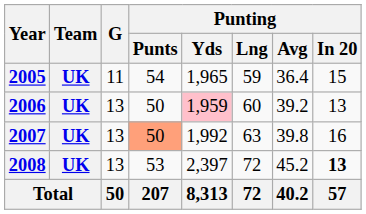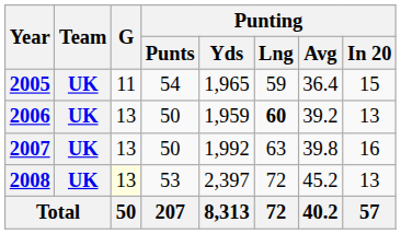 <table class="wikitable" style="text-align: center;">
 <tr>
 <th rowspan="2">Year</th>
 <th rowspan="2">Team</th>
 <th rowspan="2">G</th>
 <th colspan="11">Punting</th>
 </tr>
 <tr>
 <th>Punts</th>
 <th>Yds</th>
 <th>Lng</th>
 <th>Avg</th>
 <th>In 20</th>
 </tr>
 <tr>
 <th><a href='#'>2005</a></th>
 <th><a href='#'>UK</a></th>
 <td>11</td>
 <td>54</td>
 <td>1,965</td>
 <td>59</td>
 <td>36.4</td>
 <td>15</td>
 </tr>
 <tr>
 <th><a href='#'>2006</a></th>
 <th><a href='#'>UK</a></th>
 <td>13</td>
 <td>50</td>
-<td style="background: pink;">1,959</td>
-<td>60</td>
+<td>1,959</td>
+<td><strong>60</strong></td>
 <td>39.2</td>
 <td>13</td>
 </tr>
 <tr>
 <th><a href='#'>2007</a></th>
 <th><a href='#'>UK</a></th>
 <td>13</td>
-<td style="background: lightsalmon;">50</td>
+<td>50</td>
 <td>1,992</td>
 <td>63</td>
 <td>39.8</td>
 <td>16</td>
 </tr>
 <tr>
 <th><a href='#'>2008</a></th>
 <th><a href='#'>UK</a></th>
-<td>13</td>
+<td style="background: lightyellow;">13</td>
 <td>53</td>
 <td>2,397</td>
 <td>72</td>
 <td>45.2</td>
-<td><strong>13</strong></td>
+<td>13</td>
 </tr>
 <tr>
 <th colspan="2">Total</th>
 <th>50</th>
 <th>207</th>
 <th>8,313</th>
 <th>72</th>
 <th>40.2</th>
 <th>57</th>
 </tr>
 </table>
